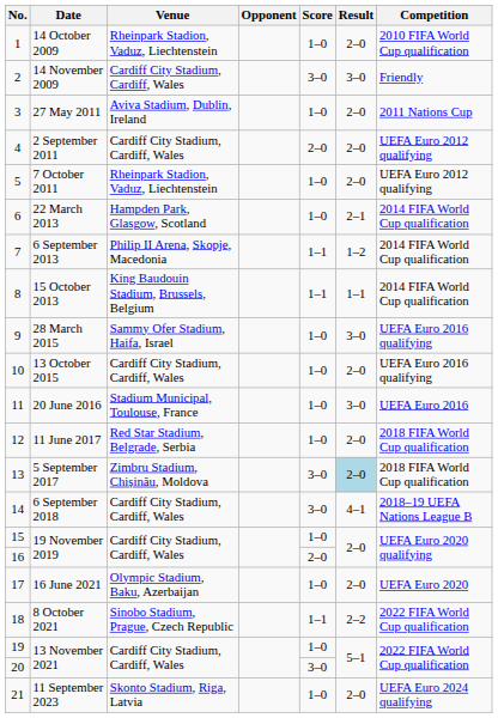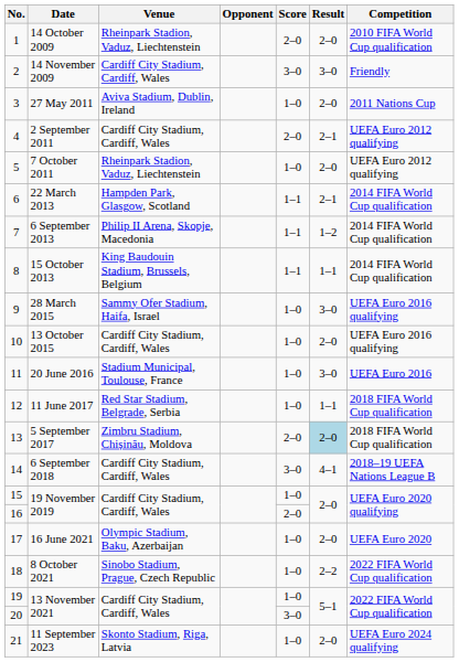 <table class="wikitable sortable">
 <tr>
 <th scope="col">No.</th>
 <th scope="col">Date</th>
 <th scope="col">Venue</th>
 <th scope="col">Opponent</th>
 <th scope="col">Score</th>
 <th scope="col">Result</th>
 <th scope="col">Competition</th>
 </tr>
 <tr>
 <td align="center">1</td>
 <td>14 October 2009</td>
 <td><a href='#'>Rheinpark Stadion</a>, <a href='#'>Vaduz</a>, Liechtenstein</td>
 <td></td>
-<td align="center">1–0</td>
+<td align="center">2–0</td>
 <td align="center">2–0</td>
 <td><a href='#'>2010 FIFA World Cup qualification</a></td>
 </tr>
 <tr>
 <td align="center">2</td>
 <td>14 November 2009</td>
 <td><a href='#'>Cardiff City Stadium</a>, <a href='#'>Cardiff</a>, Wales</td>
 <td></td>
 <td align="center">3–0</td>
 <td align="center">3–0</td>
 <td><a href='#'>Friendly</a></td>
 </tr>
 <tr>
 <td align="center">3</td>
 <td>27 May 2011</td>
 <td><a href='#'>Aviva Stadium</a>, <a href='#'>Dublin</a>, Ireland</td>
 <td></td>
 <td align="center">1–0</td>
 <td align="center">2–0</td>
 <td><a href='#'>2011 Nations Cup</a></td>
 </tr>
 <tr>
 <td align="center">4</td>
 <td>2 September 2011</td>
 <td>Cardiff City Stadium, Cardiff, Wales</td>
 <td></td>
 <td align="center">2–0</td>
-<td align="center">2–0</td>
+<td align="center">2–1</td>
 <td><a href='#'>UEFA Euro 2012 qualifying</a></td>
 </tr>
 <tr>
 <td align="center">5</td>
 <td>7 October 2011</td>
 <td><a href='#'>Rheinpark Stadion</a>, <a href='#'>Vaduz</a>, Liechtenstein</td>
 <td></td>
 <td align="center">1–0</td>
 <td align="center">2–0</td>
 <td>UEFA Euro 2012 qualifying</td>
 </tr>
 <tr>
 <td align="center">6</td>
 <td>22 March 2013</td>
 <td><a href='#'>Hampden Park</a>, <a href='#'>Glasgow</a>, Scotland</td>
 <td></td>
-<td align="center">1–0</td>
+<td align="center">1–1</td>
 <td align="center">2–1</td>
 <td><a href='#'>2014 FIFA World Cup qualification</a></td>
 </tr>
 <tr>
 <td align="center">7</td>
 <td>6 September 2013</td>
 <td><a href='#'>Philip II Arena</a>, <a href='#'>Skopje</a>, Macedonia</td>
 <td></td>
 <td align="center">1–1</td>
 <td align="center">1–2</td>
 <td>2014 FIFA World Cup qualification</td>
 </tr>
 <tr>
 <td align="center">8</td>
 <td>15 October 2013</td>
 <td><a href='#'>King Baudouin Stadium</a>, <a href='#'>Brussels</a>, Belgium</td>
 <td></td>
 <td align="center">1–1</td>
 <td align="center">1–1</td>
 <td>2014 FIFA World Cup qualification</td>
 </tr>
 <tr>
 <td align="center">9</td>
 <td>28 March 2015</td>
 <td><a href='#'>Sammy Ofer Stadium</a>, <a href='#'>Haifa</a>, Israel</td>
 <td></td>
 <td align="center">1–0</td>
 <td align="center">3–0</td>
 <td><a href='#'>UEFA Euro 2016 qualifying</a></td>
 </tr>
 <tr>
 <td align="center">10</td>
 <td>13 October 2015</td>
 <td>Cardiff City Stadium, Cardiff, Wales</td>
 <td></td>
 <td align="center">1–0</td>
 <td align=center>2–0</td>
 <td>UEFA Euro 2016 qualifying</td>
 </tr>
 <tr>
 <td align="center">11</td>
 <td>20 June 2016</td>
 <td><a href='#'>Stadium Municipal</a>, <a href='#'>Toulouse</a>, France</td>
 <td></td>
 <td align="center">1–0</td>
 <td align="center">3–0</td>
 <td><a href='#'>UEFA Euro 2016</a></td>
 </tr>
 <tr>
 <td align="center">12</td>
 <td>11 June 2017</td>
 <td><a href='#'>Red Star Stadium</a>, <a href='#'>Belgrade</a>, Serbia</td>
 <td></td>
 <td align="center">1–0</td>
-<td align=center>2–0</td>
+<td align=center>1–1</td>
 <td><a href='#'>2018 FIFA World Cup qualification</a></td>
 </tr>
 <tr>
 <td align="center">13</td>
 <td>5 September 2017</td>
 <td><a href='#'>Zimbru Stadium</a>, <a href='#'>Chișinău</a>, Moldova</td>
 <td></td>
-<td align="center">3–0</td>
+<td align="center">2–0</td>
 <td align="center" style="background: lightblue;">2–0</td>
 <td>2018 FIFA World Cup qualification</td>
 </tr>
 <tr>
 <td align="center">14</td>
 <td>6 September 2018</td>
 <td>Cardiff City Stadium, Cardiff, Wales</td>
 <td></td>
 <td align="center">3–0</td>
 <td align="center">4–1</td>
 <td><a href='#'>2018–19 UEFA Nations League B</a></td>
 </tr>
 <tr>
 <td align="center">15</td>
 <td rowspan="2">19 November 2019</td>
 <td rowspan="2">Cardiff City Stadium, Cardiff, Wales</td>
 <td rowspan="2"></td>
 <td align="center">1–0</td>
 <td rowspan="2" align="center">2–0</td>
 <td rowspan="2"><a href='#'>UEFA Euro 2020 qualifying</a></td>
 </tr>
 <tr>
 <td align="center">16</td>
 <td align="center">2–0</td>
 </tr>
 <tr>
 <td align="center">17</td>
 <td>16 June 2021</td>
 <td><a href='#'>Olympic Stadium</a>, <a href='#'>Baku</a>, Azerbaijan</td>
 <td></td>
 <td align="center">1–0</td>
 <td align="center">2–0</td>
 <td><a href='#'>UEFA Euro 2020</a></td>
 </tr>
 <tr>
 <td align="center">18</td>
 <td>8 October 2021</td>
 <td><a href='#'>Sinobo Stadium</a>, <a href='#'>Prague</a>, Czech Republic</td>
 <td></td>
-<td align="center">1–1</td>
+<td align="center">1–0</td>
 <td align="center">2–2</td>
 <td><a href='#'>2022 FIFA World Cup qualification</a></td>
 </tr>
 <tr>
 <td align="center">19</td>
 <td rowspan="2">13 November 2021</td>
 <td rowspan="2">Cardiff City Stadium, Cardiff, Wales</td>
 <td rowspan="2"></td>
 <td align="center">1–0</td>
 <td rowspan="2" align="center">5–1</td>
 <td rowspan="2"><a href='#'>2022 FIFA World Cup qualification</a></td>
 </tr>
 <tr>
 <td align="center">20</td>
 <td align="center">3–0</td>
 </tr>
 <tr>
 <td align="center">21</td>
 <td rowspan="2">11 September 2023</td>
 <td rowspan="2"><a href='#'>Skonto Stadium</a>, <a href='#'>Riga</a>, Latvia</td>
 <td rowspan="2"></td>
 <td align="center">1–0</td>
 <td rowspan="2" align="center">2–0</td>
 <td rowspan="2"><a href='#'>UEFA Euro 2024 qualifying</a></td>
 </tr>
 </table>
